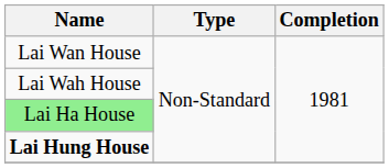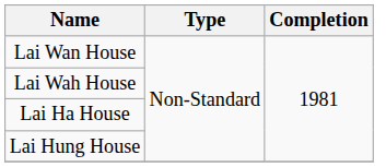 <table class="wikitable" style="text-align: center">
 <tr>
 <th>Name</th>
 <th>Type</th>
 <th>Completion</th>
 </tr>
 <tr>
 <td>Lai Wan House</td>
 <td rowspan="4">Non-Standard</td>
 <td rowspan="4">1981</td>
 </tr>
 <tr>
 <td>Lai Wah House</td>
 </tr>
 <tr>
-<td style="background: lightgreen;">Lai Ha House</td>
+<td>Lai Ha House</td>
 </tr>
 <tr>
-<td><strong>Lai Hung House</strong></td>
+<td>Lai Hung House</td>
 </tr>
 <tr>
 </tr>
 </table>
